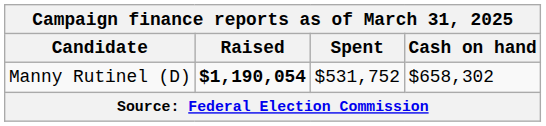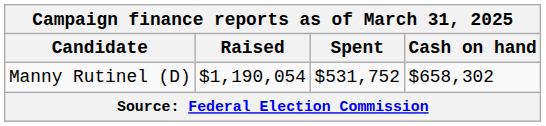 <table class="wikitable sortable">
 <tr>
 <th colspan=4>Campaign finance reports as of March 31, 2025</th>
 </tr>
 <tr style="text-align:center;">
 <th>Candidate</th>
 <th>Raised</th>
 <th>Spent</th>
 <th>Cash on hand</th>
 </tr>
 <tr>
 <td>Manny Rutinel (D)</td>
-<td><strong>$1,190,054</strong></td>
+<td>$1,190,054</td>
 <td>$531,752</td>
 <td>$658,302</td>
 </tr>
 <tr>
 <th colspan="4"><small>Source: <a href='#'>Federal Election Commission</a></small></th>
 </tr>
 </table>
